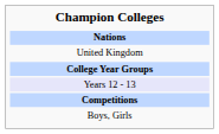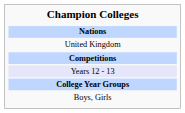 <table class="infobox" style="width: 16em; text-align: center;">
 <tr>
 <th style="font-size: 16px text-align: left;">Champion Colleges</th>
 </tr>
 <tr>
 <td style="font-size: 11px; line-height: 15px;"></td>
 </tr>
 <tr>
 <td style="font-size: 12px; background: #BFD7FF;"><strong>Nations</strong></td>
 </tr>
 <tr>
 <td style="font-size: 12px;text-align: center">United Kingdom<br></td>
 </tr>
 <tr>
-<td style="font-size: 12px; background: #BFD7FF;"><strong>College Year Groups</strong></td>
+<td style="font-size: 12px; background: #BFD7FF;"><strong>Competitions</strong></td>
 </tr>
 <tr>
 <td style="background: lavender; font-size: 12px; text-align: center">Years 12 - 13</td>
 </tr>
 <tr>
-<td style="font-size: 12px; background: #BFD7FF;"><strong>Competitions</strong></td>
+<td style="font-size: 12px; background: #BFD7FF;"><strong>College Year Groups</strong></td>
 </tr>
 <tr>
 <td style="font-size: 12px; text-align: center">Boys, Girls</td>
 </tr>
 <tr>
 </tr>
 </table>
